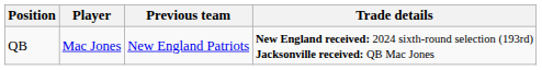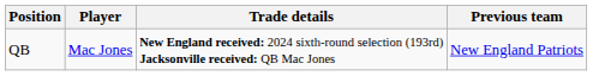 <table class="wikitable">
 <tr>
 <th>Position</th>
 <th>Player</th>
+<th>Trade details</th>
 <th>Previous team</th>
-<th>Trade details</th>
 </tr>
 <tr>
 <td>QB</td>
 <td><a href='#'>Mac Jones</a></td>
+<td><small><strong>New England received:</strong> 2024 sixth-round selection (193rd) <br><strong>Jacksonville received:</strong> QB Mac Jones</small></td>
 <td><a href='#'>New England Patriots</a></td>
-<td><small><strong>New England received:</strong> 2024 sixth-round selection (193rd) <br><strong>Jacksonville received:</strong> QB Mac Jones</small></td>
 </tr>
 </table>
